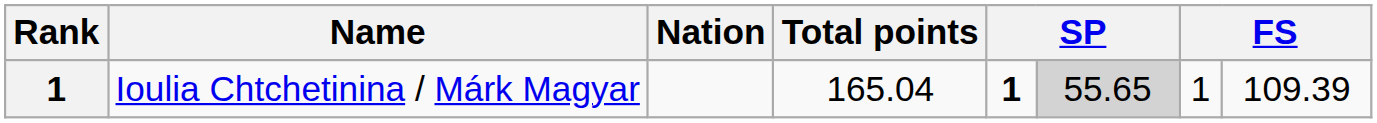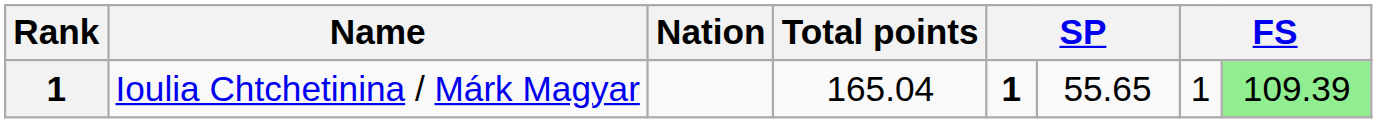 <table class="wikitable sortable">
 <tr>
 <th>Rank</th>
 <th>Name</th>
 <th>Nation</th>
 <th>Total points</th>
 <th colspan="2" width="80px"><a href='#'>SP</a></th>
 <th colspan="2" width="80px"><a href='#'>FS</a></th>
 </tr>
 <tr>
 <th>1</th>
 <td><a href='#'>Ioulia Chtchetinina</a> / <a href='#'>Márk Magyar</a></td>
 <td></td>
 <td align="center">165.04</td>
 <td align="center"><strong>1</strong></td>
-<td align="center" style="background: lightgrey;">55.65</td>
+<td align="center">55.65</td>
 <td align="center">1</td>
-<td align="center">109.39</td>
+<td align="center" style="background: lightgreen;">109.39</td>
 </tr>
 </table>
